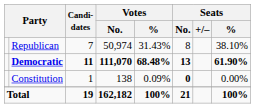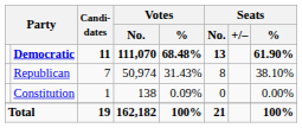 <table class="wikitable" style="font-size:100%; text-align:right;">
 <tr>
 <th colspan=2 rowspan=2>Party</th>
 <th rowspan=2><small>Candi-<br>dates</small></th>
 <th colspan=2>Votes</th>
 <th colspan=3>Seats</th>
 </tr>
 <tr>
 <th>No.</th>
 <th>%</th>
 <th>No.</th>
 <th>+/–</th>
 <th>%</th>
 </tr>
 <tr>
 <td style="background:"></td>
+<td align=left><strong><a href='#'>Democratic</a></strong></td>
+<td><strong>11</strong></td>
+<td><strong>111,070</strong></td>
+<td><strong>68.48%</strong></td>
+<td><strong>13</strong></td>
+<td></td>
+<td><strong>61.90%</strong></td>
+</tr>
+<tr>
+<td style="background:"></td>
 <td align=left><a href='#'>Republican</a></td>
 <td>7</td>
 <td>50,974</td>
 <td>31.43%</td>
 <td>8</td>
 <td></td>
 <td>38.10%</td>
 </tr>
 <tr>
 <td style="background:"></td>
-<td align=left><strong><a href='#'>Democratic</a></strong></td>
-<td><strong>11</strong></td>
-<td><strong>111,070</strong></td>
-<td><strong>68.48%</strong></td>
-<td><strong>13</strong></td>
-<td></td>
-<td><strong>61.90%</strong></td>
-</tr>
-<tr>
-<td style="background:"></td>
 <td align=left><a href='#'>Constitution</a></td>
 <td>1</td>
 <td>138</td>
 <td>0.09%</td>
-<td><strong>0</strong></td>
+<td>0</td>
 <td></td>
 <td>0.00%</td>
 </tr>
 <tr>
 </tr>
 <tr style="font-weight:bold">
 <td colspan=2 align=left>Total</td>
 <td>19</td>
 <td>162,182</td>
 <td>100%</td>
 <td>21</td>
 <td></td>
 <td>100%</td>
 </tr>
 </table>
